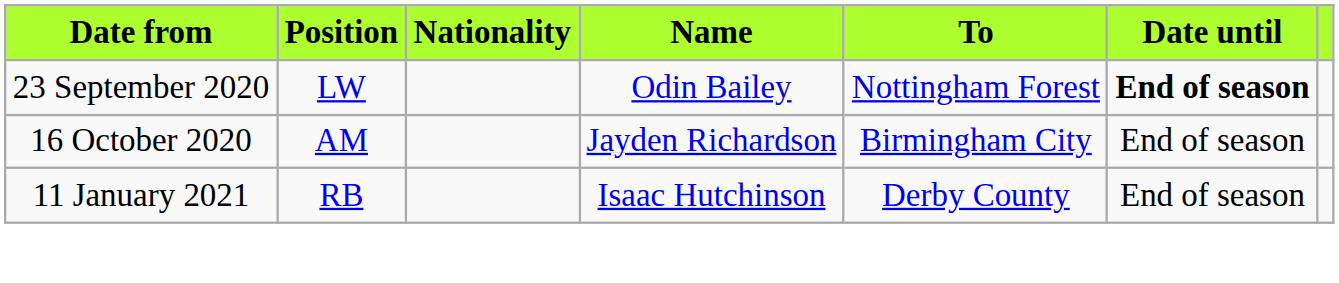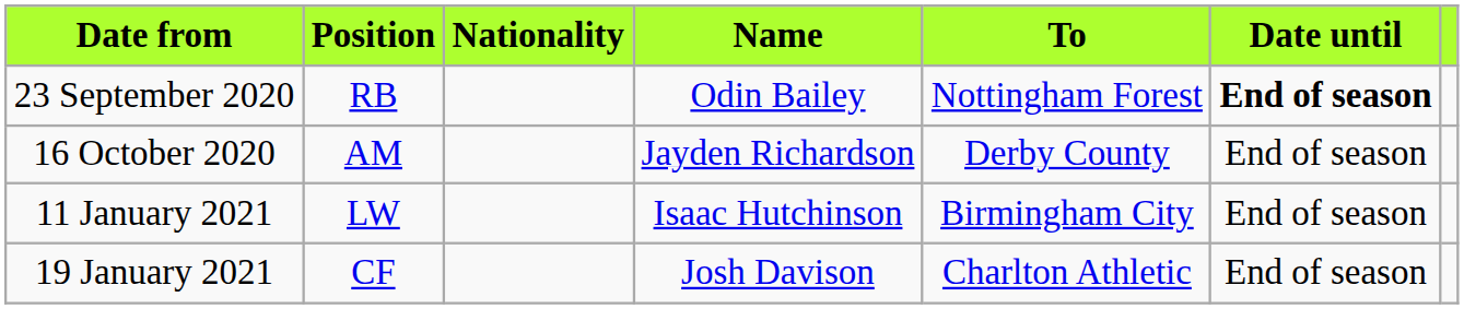 <table class="wikitable"  style="text-align:center; font-size:90%; ">
 <tr>
 <th style="background:#ADFF2F;color:black;">Date from</th>
 <th style="background:#ADFF2F;color:black;">Position</th>
 <th style="background:#ADFF2F;color:black;">Nationality</th>
 <th style="background:#ADFF2F;color:black;">Name</th>
 <th style="background:#ADFF2F;color:black;">To</th>
 <th style="background:#ADFF2F;color:black;">Date until</th>
 <th style="background:#ADFF2F;color:black;"></th>
 </tr>
 <tr>
 <td>23 September 2020</td>
-<td><a href='#'>LW</a></td>
+<td><a href='#'>RB</a></td>
 <td></td>
 <td><a href='#'>Odin Bailey</a></td>
 <td> <a href='#'>Nottingham Forest</a></td>
 <td><strong>End of season</strong></td>
 <td></td>
 </tr>
 <tr>
 <td>16 October 2020</td>
 <td><a href='#'>AM</a></td>
 <td></td>
 <td><a href='#'>Jayden Richardson</a></td>
+<td> <a href='#'>Derby County</a></td>
+<td>End of season</td>
+<td></td>
+</tr>
+<tr>
+<td>11 January 2021</td>
+<td><a href='#'>LW</a></td>
+<td></td>
+<td><a href='#'>Isaac Hutchinson</a></td>
 <td> <a href='#'>Birmingham City</a></td>
 <td>End of season</td>
 <td></td>
 </tr>
 <tr>
-<td>11 January 2021</td>
-<td><a href='#'>RB</a></td>
+<td>19 January 2021</td>
+<td><a href='#'>CF</a></td>
 <td></td>
-<td><a href='#'>Isaac Hutchinson</a></td>
-<td> <a href='#'>Derby County</a></td>
+<td><a href='#'>Josh Davison</a></td>
+<td> <a href='#'>Charlton Athletic</a></td>
 <td>End of season</td>
 <td></td>
 </tr>
 </table>
